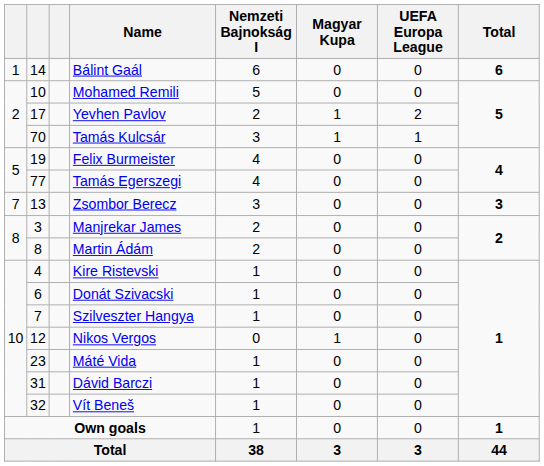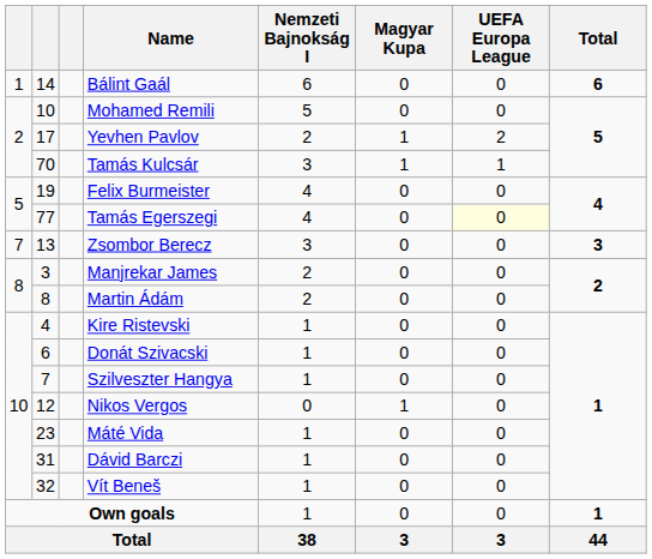 <table class="wikitable" style="font-size: 95%; text-align: center;">
 <tr>
 <th width="15"></th>
 <th width="15"></th>
 <th width="15"></th>
 <th width="150">Name</th>
 <th width="80">Nemzeti Bajnokság I</th>
 <th width="80">Magyar Kupa</th>
 <th width="80">UEFA Europa League</th>
 <th width="80">Total</th>
 </tr>
 <tr>
 <td>1</td>
 <td>14</td>
 <td></td>
 <td align=left><a href='#'>Bálint Gaál</a></td>
 <td>6</td>
 <td>0</td>
 <td>0</td>
 <td><strong>6</strong></td>
 </tr>
 <tr>
 <td rowspan="3">2</td>
 <td>10</td>
 <td></td>
 <td align=left><a href='#'>Mohamed Remili</a></td>
 <td>5</td>
 <td>0</td>
 <td>0</td>
 <td rowspan="3"><strong>5</strong></td>
 </tr>
 <tr>
 <td>17</td>
 <td></td>
 <td align=left><a href='#'>Yevhen Pavlov</a></td>
 <td>2</td>
 <td>1</td>
 <td>2</td>
 </tr>
 <tr>
 <td>70</td>
 <td></td>
 <td align=left><a href='#'>Tamás Kulcsár</a></td>
 <td>3</td>
 <td>1</td>
 <td>1</td>
 </tr>
 <tr>
 <td rowspan="2">5</td>
 <td>19</td>
 <td></td>
 <td align=left><a href='#'>Felix Burmeister</a></td>
 <td>4</td>
 <td>0</td>
 <td>0</td>
 <td rowspan="2"><strong>4</strong></td>
 </tr>
 <tr>
 <td>77</td>
 <td></td>
 <td align=left><a href='#'>Tamás Egerszegi</a></td>
 <td>4</td>
 <td>0</td>
-<td>0</td>
+<td style="background: lightyellow;">0</td>
 </tr>
 <tr>
 <td>7</td>
 <td>13</td>
 <td></td>
 <td align=left><a href='#'>Zsombor Berecz</a></td>
 <td>3</td>
 <td>0</td>
 <td>0</td>
 <td><strong>3</strong></td>
 </tr>
 <tr>
 <td rowspan="2">8</td>
 <td>3</td>
 <td></td>
 <td align=left><a href='#'>Manjrekar James</a></td>
 <td>2</td>
 <td>0</td>
 <td>0</td>
 <td rowspan="2"><strong>2</strong></td>
 </tr>
 <tr>
 <td>8</td>
 <td></td>
 <td align=left><a href='#'>Martin Ádám</a></td>
 <td>2</td>
 <td>0</td>
 <td>0</td>
 </tr>
 <tr>
 <td rowspan="7">10</td>
 <td>4</td>
 <td></td>
 <td align=left><a href='#'>Kire Ristevski</a></td>
 <td>1</td>
 <td>0</td>
 <td>0</td>
 <td rowspan="7"><strong>1</strong></td>
 </tr>
 <tr>
 <td>6</td>
 <td></td>
 <td align=left><a href='#'>Donát Szivacski</a></td>
 <td>1</td>
 <td>0</td>
 <td>0</td>
 </tr>
 <tr>
 <td>7</td>
 <td></td>
 <td align=left><a href='#'>Szilveszter Hangya</a></td>
 <td>1</td>
 <td>0</td>
 <td>0</td>
 </tr>
 <tr>
 <td>12</td>
 <td></td>
 <td align=left><a href='#'>Nikos Vergos</a></td>
 <td>0</td>
 <td>1</td>
 <td>0</td>
 </tr>
 <tr>
 <td>23</td>
 <td></td>
 <td align=left><a href='#'>Máté Vida</a></td>
 <td>1</td>
 <td>0</td>
 <td>0</td>
 </tr>
 <tr>
 <td>31</td>
 <td></td>
 <td align=left><a href='#'>Dávid Barczi</a></td>
 <td>1</td>
 <td>0</td>
 <td>0</td>
 </tr>
 <tr>
 <td>32</td>
 <td></td>
 <td align=left><a href='#'>Vít Beneš</a></td>
 <td>1</td>
 <td>0</td>
 <td>0</td>
 </tr>
 <tr>
 <td colspan="4"><strong>Own goals</strong></td>
 <td>1</td>
 <td>0</td>
 <td>0</td>
 <td><strong>1</strong></td>
 </tr>
 <tr>
 <th colspan="4">Total</th>
 <th>38</th>
 <th>3</th>
 <th>3</th>
 <th>44</th>
 </tr>
 </table>
